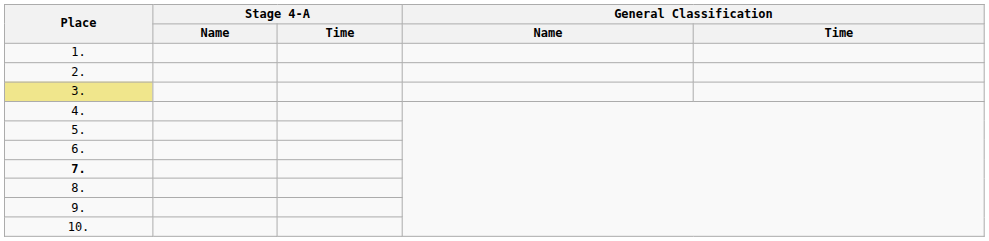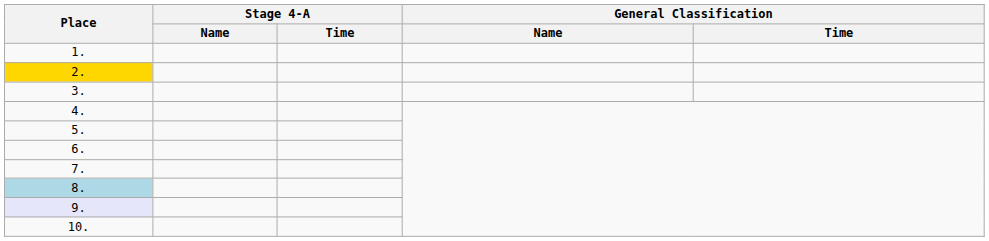 <table class=wikitable style="font-size:95%" width="80%">
 <tr>
 <th rowspan="2">Place</th>
 <th colspan="2">Stage 4-A</th>
 <th colspan="2">General Classification</th>
 </tr>
 <tr>
 <th>Name</th>
 <th>Time</th>
 <th>Name</th>
 <th>Time</th>
 </tr>
 <tr>
 <td align="center">1.</td>
 <td></td>
 <td></td>
 <td></td>
 <td></td>
 </tr>
 <tr>
-<td align="center">2.</td>
+<td align="center" style="background: gold;">2.</td>
 <td></td>
 <td></td>
 <td></td>
 <td></td>
 </tr>
 <tr>
-<td align="center" style="background: khaki;">3.</td>
+<td align="center">3.</td>
 <td></td>
 <td></td>
 <td></td>
 <td></td>
 </tr>
 <tr>
 <td align="center">4.</td>
 <td></td>
 <td></td>
 </tr>
 <tr>
 <td align="center">5.</td>
 <td></td>
 <td></td>
 </tr>
 <tr>
 <td align="center">6.</td>
 <td></td>
 <td></td>
 </tr>
 <tr>
-<td align="center"><strong>7.</strong></td>
+<td align="center">7.</td>
 <td></td>
 <td></td>
 </tr>
 <tr>
-<td align="center">8.</td>
+<td align="center" style="background: lightblue;">8.</td>
 <td></td>
 <td></td>
 </tr>
 <tr>
-<td align="center">9.</td>
+<td align="center" style="background: lavender;">9.</td>
 <td></td>
 <td></td>
 </tr>
 <tr>
 <td align="center">10.</td>
 <td></td>
 <td></td>
 </tr>
 </table>
